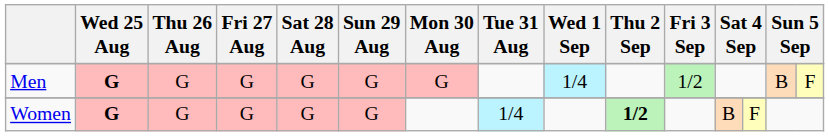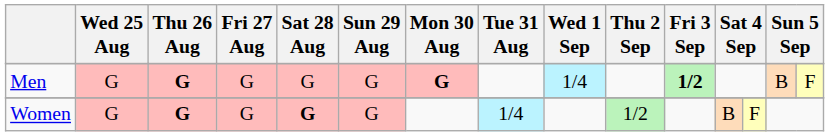 <table class="wikitable" style="margin:0.5em auto; font-size:90%; line-height:1.25em;">
 <tr align="center">
 <th></th>
 <th>Wed 25<br>Aug</th>
 <th>Thu 26<br>Aug</th>
 <th>Fri 27<br>Aug</th>
 <th>Sat 28<br>Aug</th>
 <th>Sun 29<br>Aug</th>
 <th>Mon 30<br>Aug</th>
 <th>Tue 31<br>Aug</th>
 <th>Wed 1<br>Sep</th>
 <th>Thu 2<br>Sep</th>
 <th>Fri 3<br>Sep</th>
 <th colspan=2>Sat 4<br>Sep</th>
 <th colspan=2>Sun 5<br>Sep</th>
 </tr>
 <tr>
 </tr>
 <tr align="center">
 <td align="left"><a href='#'>Men</a></td>
+<td bgcolor="#FFBBBB">G</td>
 <td bgcolor="#FFBBBB"><strong>G</strong></td>
 <td bgcolor="#FFBBBB">G</td>
 <td bgcolor="#FFBBBB">G</td>
 <td bgcolor="#FFBBBB">G</td>
-<td bgcolor="#FFBBBB">G</td>
-<td bgcolor="#FFBBBB">G</td>
+<td bgcolor="#FFBBBB"><strong>G</strong></td>
 <td></td>
 <td bgcolor="#BBF3FF">1/4</td>
 <td></td>
-<td bgcolor="#BBF3BB">1/2</td>
+<td bgcolor="#BBF3BB"><strong>1/2</strong></td>
 <td colspan=2></td>
 <td bgcolor="#FEDCBA">B</td>
 <td bgcolor="#FFFFBB">F</td>
 </tr>
 <tr>
 </tr>
 <tr align="center">
 <td align="left"><a href='#'>Women</a></td>
+<td bgcolor="#FFBBBB">G</td>
 <td bgcolor="#FFBBBB"><strong>G</strong></td>
 <td bgcolor="#FFBBBB">G</td>
-<td bgcolor="#FFBBBB">G</td>
-<td bgcolor="#FFBBBB">G</td>
+<td bgcolor="#FFBBBB"><strong>G</strong></td>
 <td bgcolor="#FFBBBB">G</td>
 <td></td>
 <td bgcolor="#BBF3FF">1/4</td>
 <td></td>
-<td bgcolor="#BBF3BB"><strong>1/2</strong></td>
+<td bgcolor="#BBF3BB">1/2</td>
 <td></td>
 <td bgcolor="#FEDCBA">B</td>
 <td bgcolor="#FFFFBB">F</td>
 <td colspan=2></td>
 </tr>
 </table>
